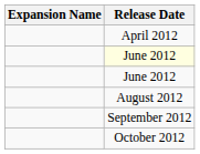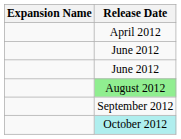 <table class="wikitable" style="text-align:center">
 <tr>
 <th>Expansion Name</th>
 <th>Release Date</th>
 </tr>
 <tr>
 <td></td>
 <td>April 2012</td>
 </tr>
 <tr>
 <td></td>
-<td style="background: lightyellow;">June 2012</td>
+<td>June 2012</td>
 </tr>
 <tr>
 <td></td>
 <td>June 2012</td>
 </tr>
 <tr>
 <td></td>
-<td>August 2012</td>
+<td style="background: lightgreen;">August 2012</td>
 </tr>
 <tr>
 <td></td>
 <td>September 2012</td>
 </tr>
 <tr>
 <td></td>
-<td>October 2012</td>
+<td style="background: paleturquoise;">October 2012</td>
 </tr>
 </table>
